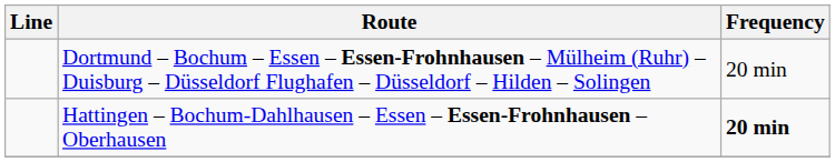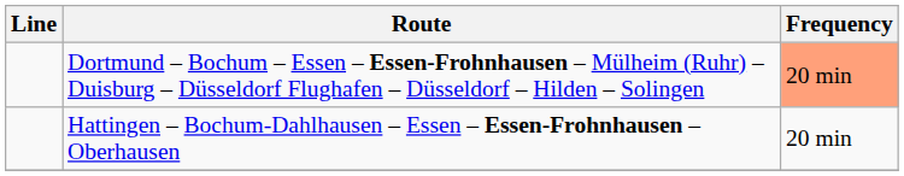 <table class="wikitable">
 <tr>
 <th>Line</th>
 <th>Route</th>
 <th>Frequency</th>
 </tr>
 <tr>
 <td></td>
 <td><a href='#'>Dortmund</a> – <a href='#'>Bochum</a> – <a href='#'>Essen</a> – <strong>Essen-Frohnhausen</strong> – <a href='#'>Mülheim (Ruhr)</a> – <a href='#'>Duisburg</a> – <a href='#'>Düsseldorf Flughafen</a> – <a href='#'>Düsseldorf</a> – <a href='#'>Hilden</a> – <a href='#'>Solingen</a></td>
-<td>20 min</td>
+<td style="background: lightsalmon;">20 min</td>
 </tr>
 <tr>
 <td></td>
 <td><a href='#'>Hattingen</a> – <a href='#'>Bochum-Dahlhausen</a> – <a href='#'>Essen</a> – <strong>Essen-Frohnhausen</strong> – <a href='#'>Oberhausen</a></td>
-<td><strong>20 min</strong></td>
+<td>20 min</td>
 </tr>
 <tr>
 </tr>
 </table>
